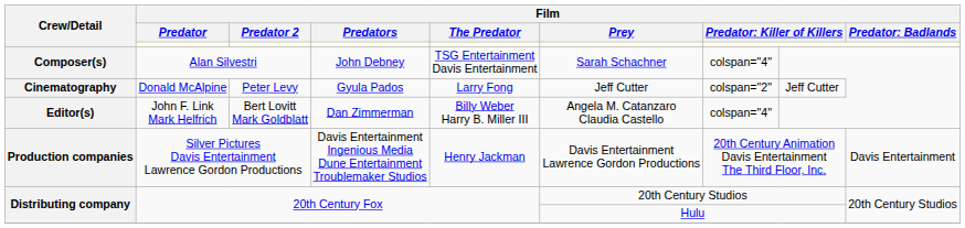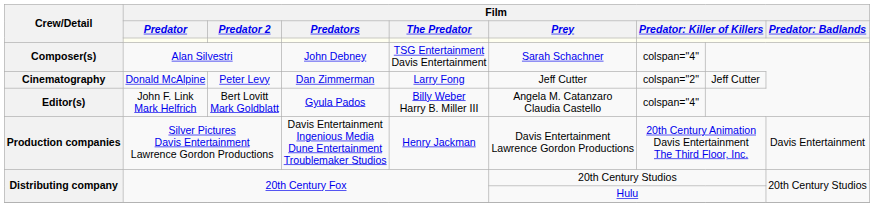 <table class="wikitable plainrowheaders" style="text-align:center;">
 <tr>
 <th  scope="col" rowspan="3">Crew/Detail</th>
 <th scope="col" colspan="9">Film</th>
 </tr>
 <tr>
 <th scope="col" align="center"><em><a href='#'>Predator</a></em></th>
 <th scope="col" align="center"><em><a href='#'>Predator 2</a></em></th>
 <th scope="col" align="center"><em><a href='#'>Predators</a></em></th>
 <th scope="col" align="center"><em><a href='#'>The Predator</a></em></th>
 <th scope="col" align="center" colspan="2"><em><a href='#'>Prey</a></em></th>
 <th scope="col" align="center" colspan="2"><em><a href='#'>Predator: Killer of Killers</a></em></th>
 <th scope="col" align="center"><em><a href='#'>Predator: Badlands</a></em></th>
 </tr>
 <tr>
 <td style="background:ivory;"></td>
 <td style="background:ivory;"></td>
 <td style="background:ivory;"></td>
 <td style="background:ivory;"></td>
 <td colspan="2" style="background:ivory;"></td>
 <td colspan="3" style="background:ivory;"></td>
 </tr>
 <tr>
 <th scope="row">Composer(s)</th>
 <td colspan="2"><a href='#'>Alan Silvestri</a></td>
 <td><a href='#'>John Debney</a></td>
 <td><a href='#'>TSG Entertainment</a><br>Davis Entertainment</td>
 <td colspan="2"><a href='#'>Sarah Schachner</a></td>
 <td>colspan="4" </td>
 </tr>
 <tr>
 <th scope="row">Cinematography</th>
 <td><a href='#'>Donald McAlpine</a></td>
 <td><a href='#'>Peter Levy</a></td>
-<td><a href='#'>Gyula Pados</a></td>
+<td><a href='#'>Dan Zimmerman</a></td>
 <td><a href='#'>Larry Fong</a></td>
 <td colspan="2">Jeff Cutter</td>
 <td>colspan="2" </td>
 <td>Jeff Cutter</td>
 </tr>
 <tr>
 <th scope="row">Editor(s)</th>
 <td>John F. Link<br><a href='#'>Mark Helfrich</a></td>
 <td>Bert Lovitt<br><a href='#'>Mark Goldblatt</a></td>
-<td><a href='#'>Dan Zimmerman</a></td>
+<td><a href='#'>Gyula Pados</a></td>
 <td><a href='#'>Billy Weber</a><br>Harry B. Miller III</td>
 <td colspan="2">Angela M. Catanzaro<br>Claudia Castello</td>
 <td>colspan="4" </td>
 </tr>
 <tr>
 <th scope="row">Production companies</th>
 <td colspan="2"><a href='#'>Silver Pictures</a><br><a href='#'>Davis Entertainment</a><br>Lawrence Gordon Productions</td>
 <td>Davis Entertainment<br><a href='#'>Ingenious Media</a><br><a href='#'>Dune Entertainment</a><br><a href='#'>Troublemaker Studios</a></td>
 <td><a href='#'>Henry Jackman</a></td>
 <td colspan="2">Davis Entertainment<br>Lawrence Gordon Productions</td>
 <td colspan="2"><a href='#'>20th Century Animation</a><br>Davis Entertainment<br><a href='#'>The Third Floor, Inc.</a></td>
 <td>Davis Entertainment</td>
 </tr>
 <tr>
 <th rowspan="2" scope="row">Distributing company</th>
 <td rowspan="2" colspan="4"><a href='#'>20th Century Fox</a></td>
 <td colspan="4">20th Century Studios</td>
 <td rowspan="2" colspan="2">20th Century Studios</td>
 </tr>
 <tr>
 <td colspan="4"><a href='#'>Hulu</a></td>
 </tr>
 <tr>
 </tr>
 </table>
